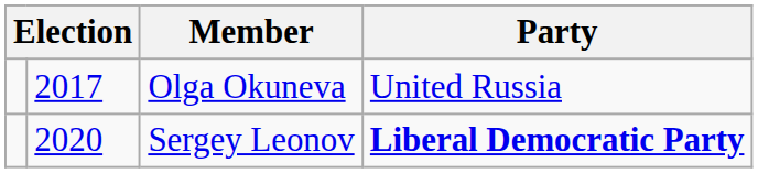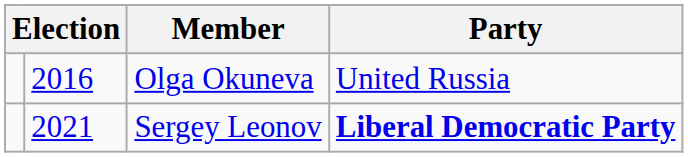 <table class="wikitable">
 <tr>
 <th colspan="2">Election</th>
 <th>Member</th>
 <th>Party</th>
 </tr>
 <tr>
 <td style="background-color: "></td>
-<td><a href='#'>2017</a></td>
+<td><a href='#'>2016</a></td>
 <td><a href='#'>Olga Okuneva</a></td>
 <td><a href='#'>United Russia</a></td>
 </tr>
 <tr>
 <td style="background-color: "></td>
-<td><a href='#'>2020</a></td>
+<td><a href='#'>2021</a></td>
 <td><a href='#'>Sergey Leonov</a></td>
 <td><strong><a href='#'>Liberal Democratic Party</a></strong></td>
 </tr>
 </table>
